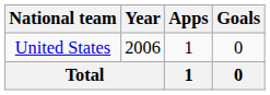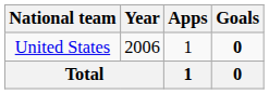 <table class="wikitable" style="text-align:center">
 <tr>
 <th>National team</th>
 <th>Year</th>
 <th>Apps</th>
 <th>Goals</th>
 </tr>
 <tr>
 <td><a href='#'>United States</a></td>
 <td>2006</td>
 <td>1</td>
-<td>0</td>
+<td><strong>0</strong></td>
 </tr>
 <tr>
 <th colspan=2>Total</th>
 <th>1</th>
 <th>0</th>
 </tr>
 </table>
